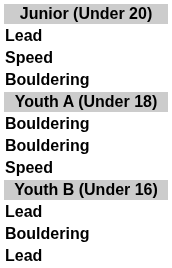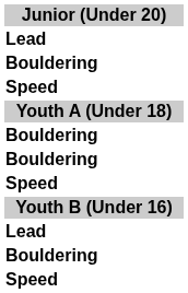 <table>
 <tr>
 <th colspan="4" style="background-color:#CCC;">Junior (Under 20)</th>
 </tr>
 <tr>
 <th scope=row style="text-align:left" width=150>Lead</th>
 <td></td>
 <td></td>
 <td></td>
 </tr>
 <tr>
-<th scope=row style="text-align:left" width=150>Speed</th>
+<th scope=row style="text-align:left" width=150>Bouldering</th>
 <td></td>
 <td></td>
 <td></td>
 </tr>
 <tr>
-<th scope=row style="text-align:left" width=150>Bouldering</th>
+<th scope=row style="text-align:left" width=150>Speed</th>
 <td></td>
 <td></td>
 <td></td>
 </tr>
 <tr>
 <th colspan="4" style="background-color:#CCC;">Youth A (Under 18)</th>
 </tr>
 <tr>
 <th scope=row style="text-align:left" width=150>Bouldering</th>
 <td></td>
 <td></td>
 <td></td>
 </tr>
 <tr>
 <th scope=row style="text-align:left" width=150>Bouldering</th>
 <td></td>
 <td></td>
 <td></td>
 </tr>
 <tr>
 <th scope=row style="text-align:left" width=150>Speed</th>
 <td></td>
 <td></td>
 <td></td>
 </tr>
 <tr>
 <th colspan="4" style="background-color:#CCC;">Youth B (Under 16)</th>
 </tr>
 <tr>
 <th scope=row style="text-align:left" width=150>Lead</th>
 <td></td>
 <td></td>
 <td></td>
 </tr>
 <tr>
 <th scope=row style="text-align:left" width=150>Bouldering</th>
 <td></td>
 <td></td>
 <td></td>
 </tr>
 <tr>
-<th scope=row style="text-align:left" width=150>Lead</th>
+<th scope=row style="text-align:left" width=150>Speed</th>
 <td></td>
 <td></td>
 <td></td>
 </tr>
 </table>
